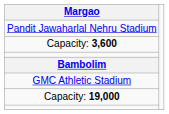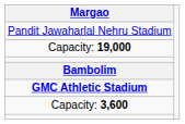 <table class="wikitable" style="margin:1em auto; text-align:center">
 <tr>
 <th><a href='#'>Margao</a></th>
 <td rowspan=8></td>
 </tr>
 <tr>
 <td><a href='#'>Pandit Jawaharlal Nehru Stadium</a></td>
 </tr>
 <tr>
-<td>Capacity: <strong>3,600</strong></td>
+<td>Capacity: <strong>19,000</strong></td>
 </tr>
 <tr>
 <td></td>
 </tr>
 <tr>
 <th><a href='#'>Bambolim</a></th>
 </tr>
 <tr>
-<td><a href='#'>GMC Athletic Stadium</a></td>
+<td><strong><a href='#'>GMC Athletic Stadium</a></strong></td>
 </tr>
 <tr>
-<td>Capacity: <strong>19,000</strong></td>
+<td>Capacity: <strong>3,600</strong></td>
 </tr>
 <tr>
 <td></td>
 </tr>
 </table>
